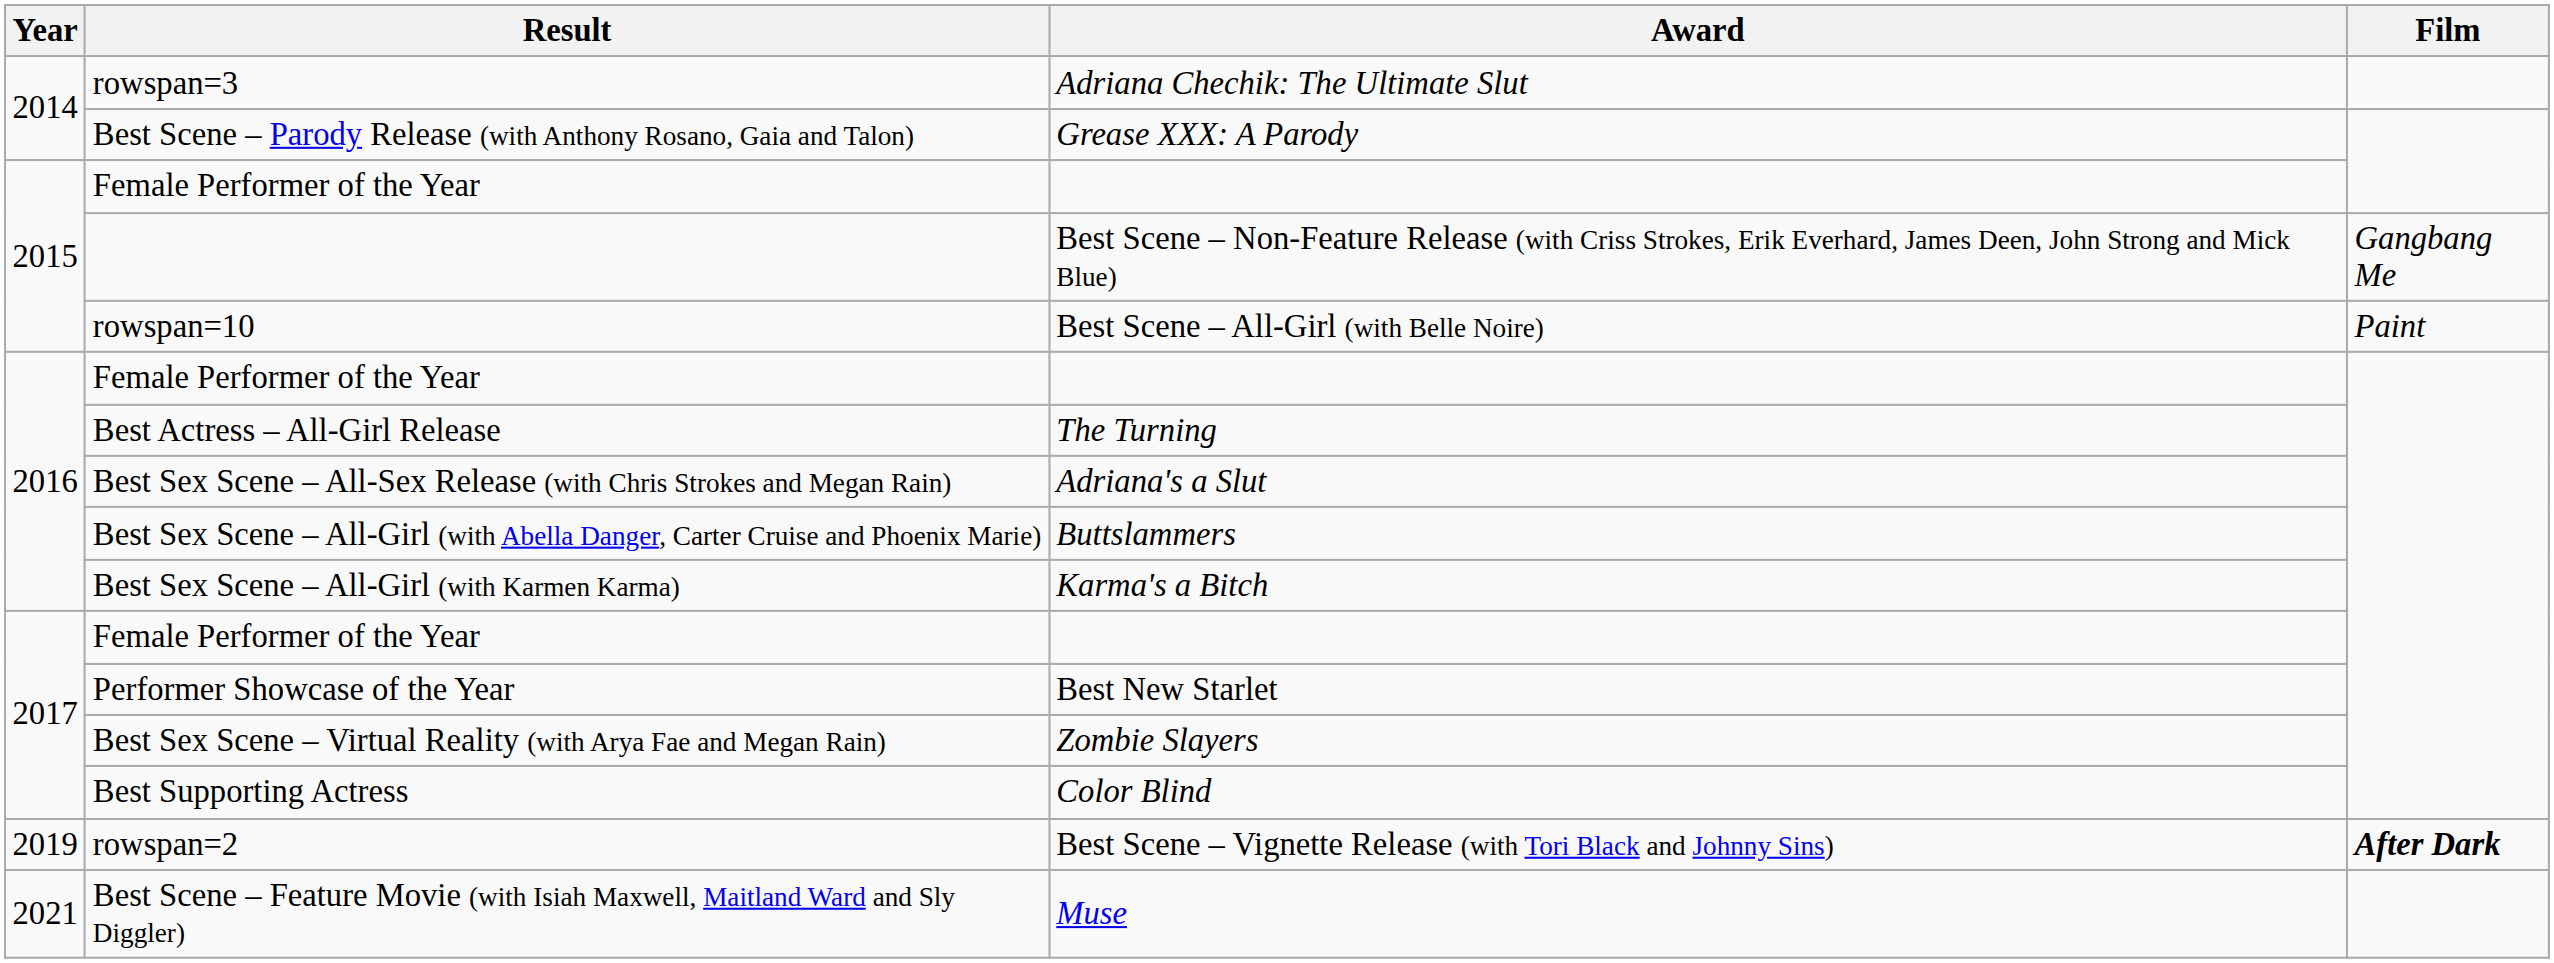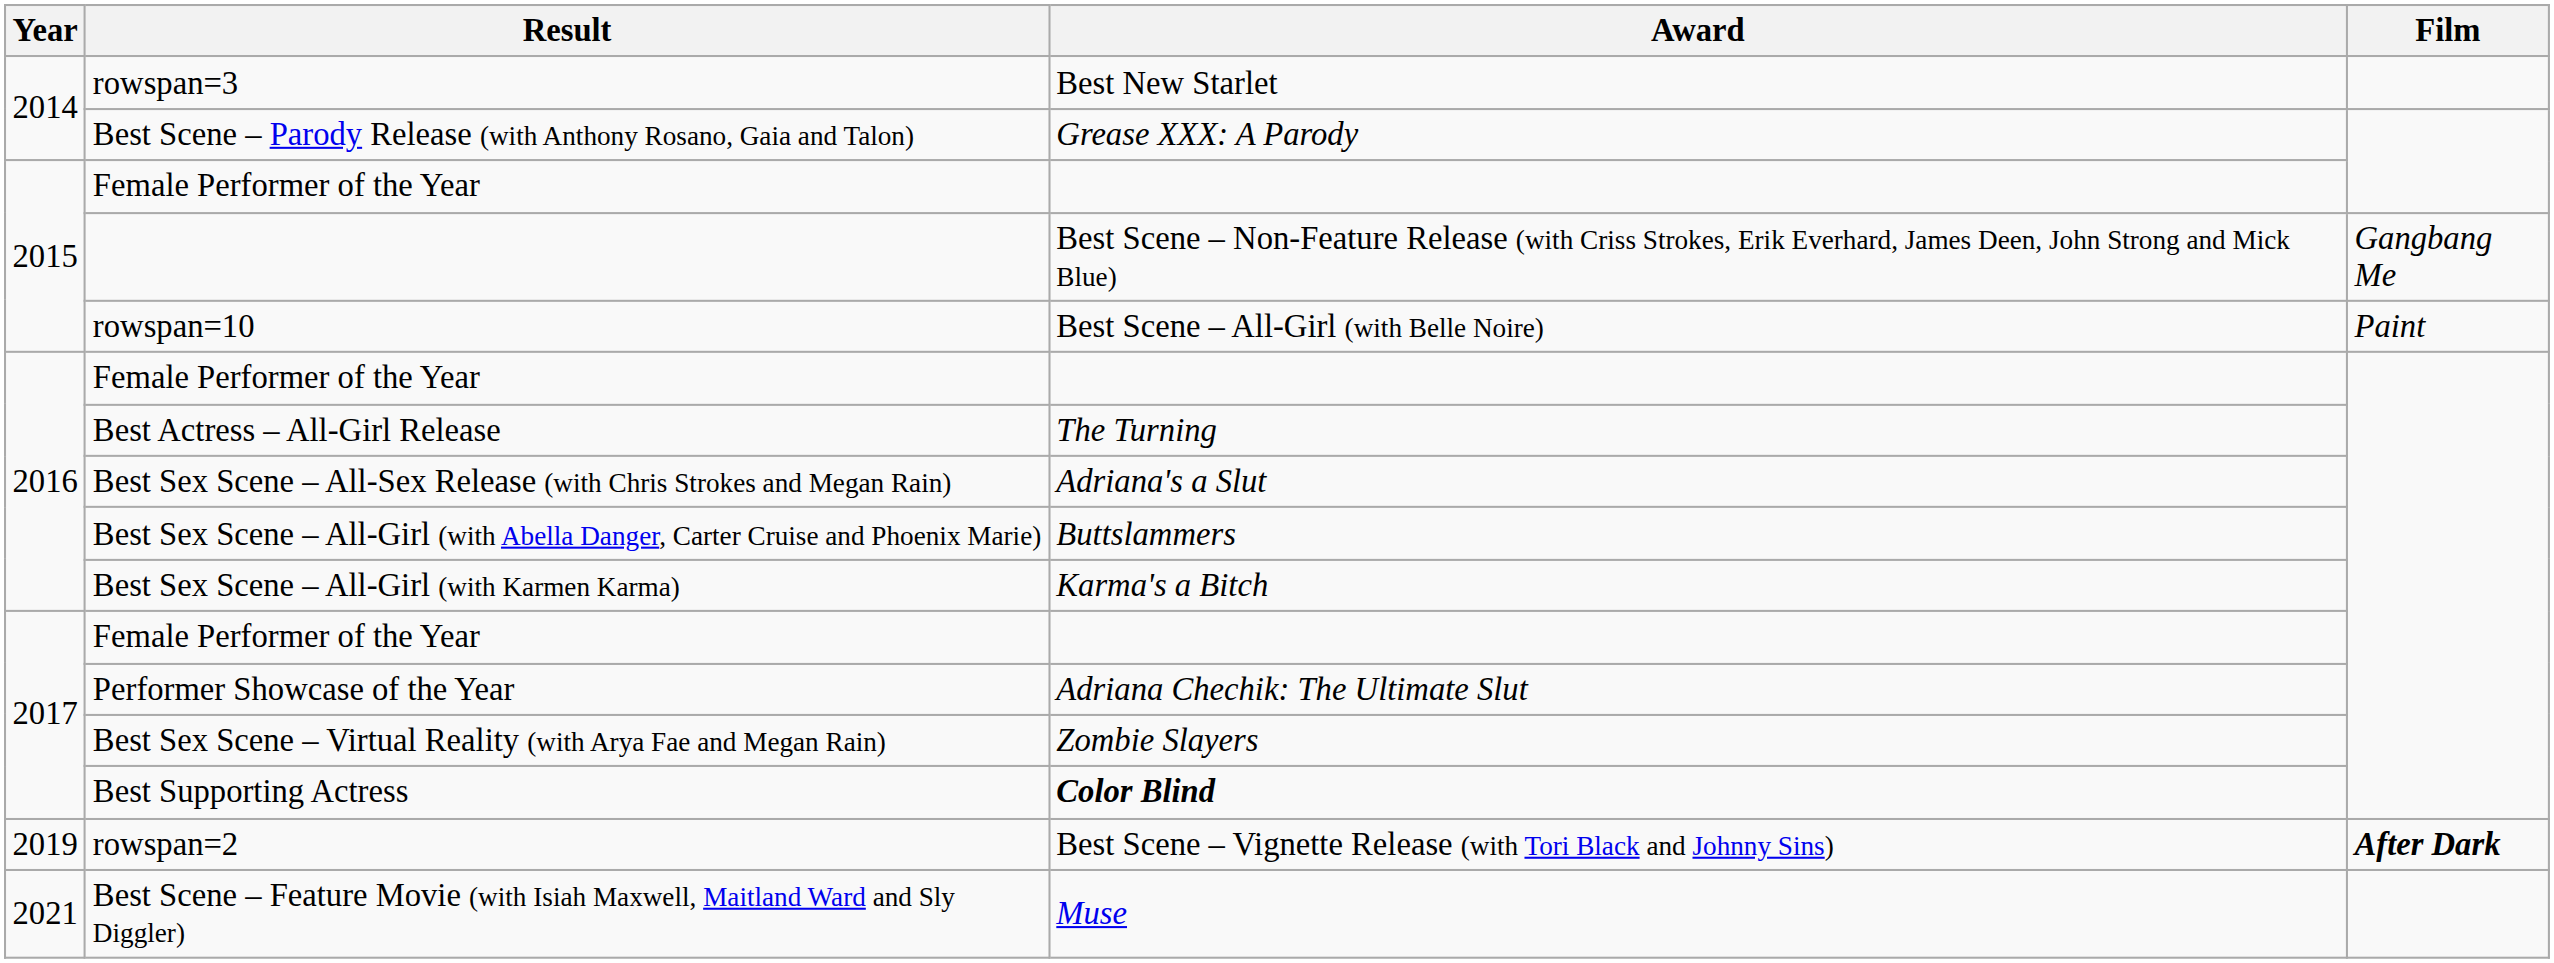 <table class="wikitable">
 <tr>
 <th>Year</th>
 <th>Result</th>
 <th>Award</th>
 <th>Film</th>
 </tr>
 <tr>
 <td rowspan="2">2014</td>
 <td>rowspan=3 </td>
-<td><em>Adriana Chechik: The Ultimate Slut</em></td>
+<td>Best New Starlet</td>
 <td></td>
 </tr>
 <tr>
 <td>Best Scene – <a href='#'>Parody</a> Release <small>(with Anthony Rosano, Gaia and Talon)</small></td>
 <td><em>Grease XXX: A Parody</em></td>
 </tr>
 <tr>
 <td rowspan="3">2015</td>
 <td>Female Performer of the Year</td>
 <td></td>
 </tr>
 <tr>
 <td></td>
 <td>Best Scene – Non-Feature Release <small>(with Criss Strokes, Erik Everhard, James Deen, John Strong and Mick Blue)</small></td>
 <td><em>Gangbang Me</em></td>
 </tr>
 <tr>
 <td>rowspan=10 </td>
 <td>Best Scene – All-Girl <small>(with Belle Noire)</small></td>
 <td><em>Paint</em></td>
 </tr>
 <tr>
 <td rowspan="5">2016</td>
 <td>Female Performer of the Year</td>
 <td></td>
 </tr>
 <tr>
 <td>Best Actress – All-Girl Release</td>
 <td><em>The Turning</em></td>
 </tr>
 <tr>
 <td>Best Sex Scene – All-Sex Release <small>(with Chris Strokes and Megan Rain)</small></td>
 <td><em>Adriana's a Slut</em></td>
 </tr>
 <tr>
 <td>Best Sex Scene – All-Girl <small>(with <a href='#'>Abella Danger</a>, Carter Cruise and Phoenix Marie)</small></td>
 <td><em>Buttslammers</em></td>
 </tr>
 <tr>
 <td>Best Sex Scene – All-Girl <small>(with Karmen Karma)</small></td>
 <td><em>Karma's a Bitch</em></td>
 </tr>
 <tr>
 <td rowspan="4">2017</td>
 <td>Female Performer of the Year</td>
 <td></td>
 </tr>
 <tr>
 <td>Performer Showcase of the Year</td>
-<td>Best New Starlet</td>
+<td><em>Adriana Chechik: The Ultimate Slut</em></td>
 </tr>
 <tr>
 <td>Best Sex Scene – Virtual Reality <small>(with Arya Fae and Megan Rain)</small></td>
 <td><em>Zombie Slayers </em></td>
 </tr>
 <tr>
 <td>Best Supporting Actress</td>
-<td><em>Color Blind</em></td>
+<td><strong><em>Color Blind</em></strong></td>
 </tr>
 <tr>
 <td>2019</td>
 <td>rowspan=2 </td>
 <td>Best Scene – Vignette Release <small>(with <a href='#'>Tori Black</a> and <a href='#'>Johnny Sins</a>)</small></td>
 <td><strong><em>After Dark</em></strong></td>
 </tr>
 <tr>
 <td>2021</td>
 <td>Best Scene – Feature Movie <small>(with Isiah Maxwell, <a href='#'>Maitland Ward</a> and Sly Diggler)</small></td>
 <td><em><a href='#'>Muse</a></em></td>
 </tr>
 </table>
